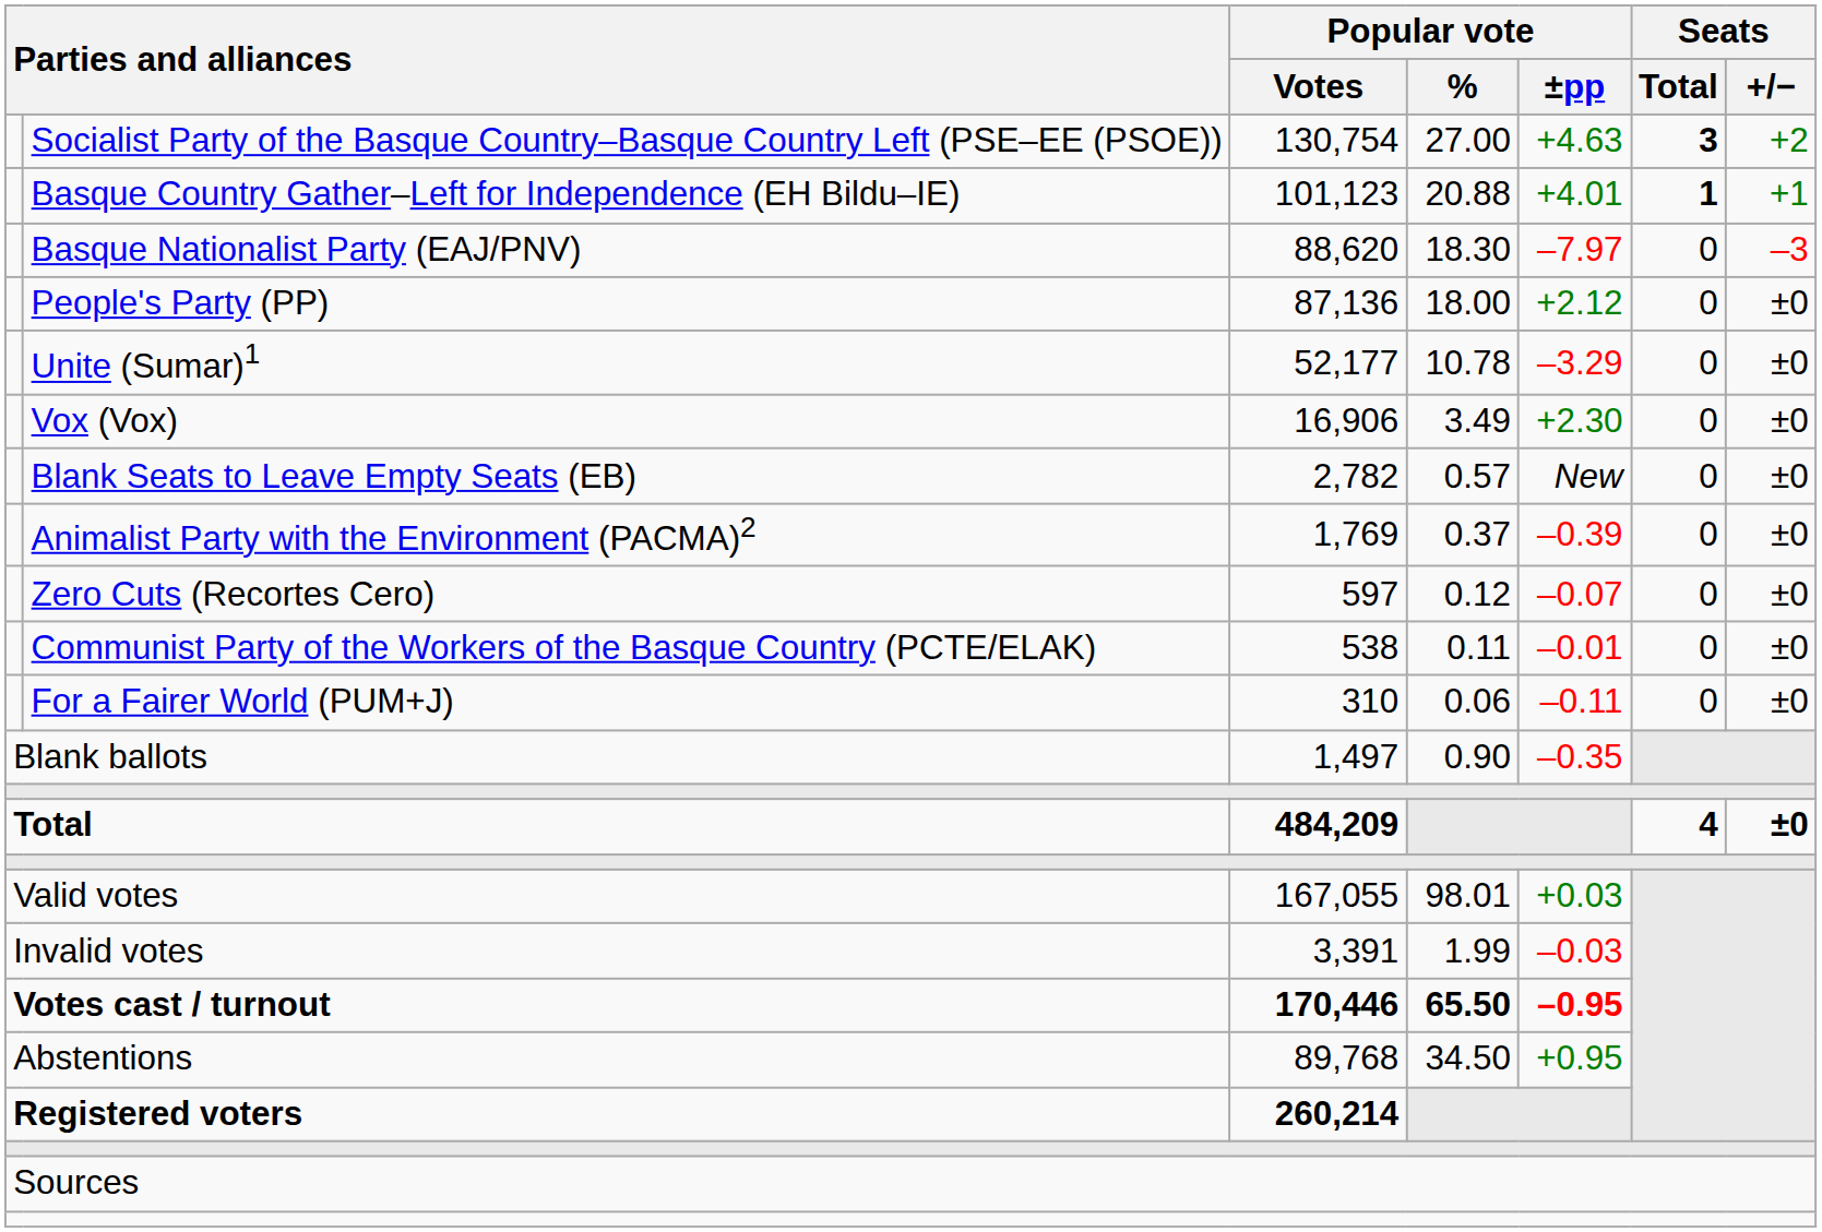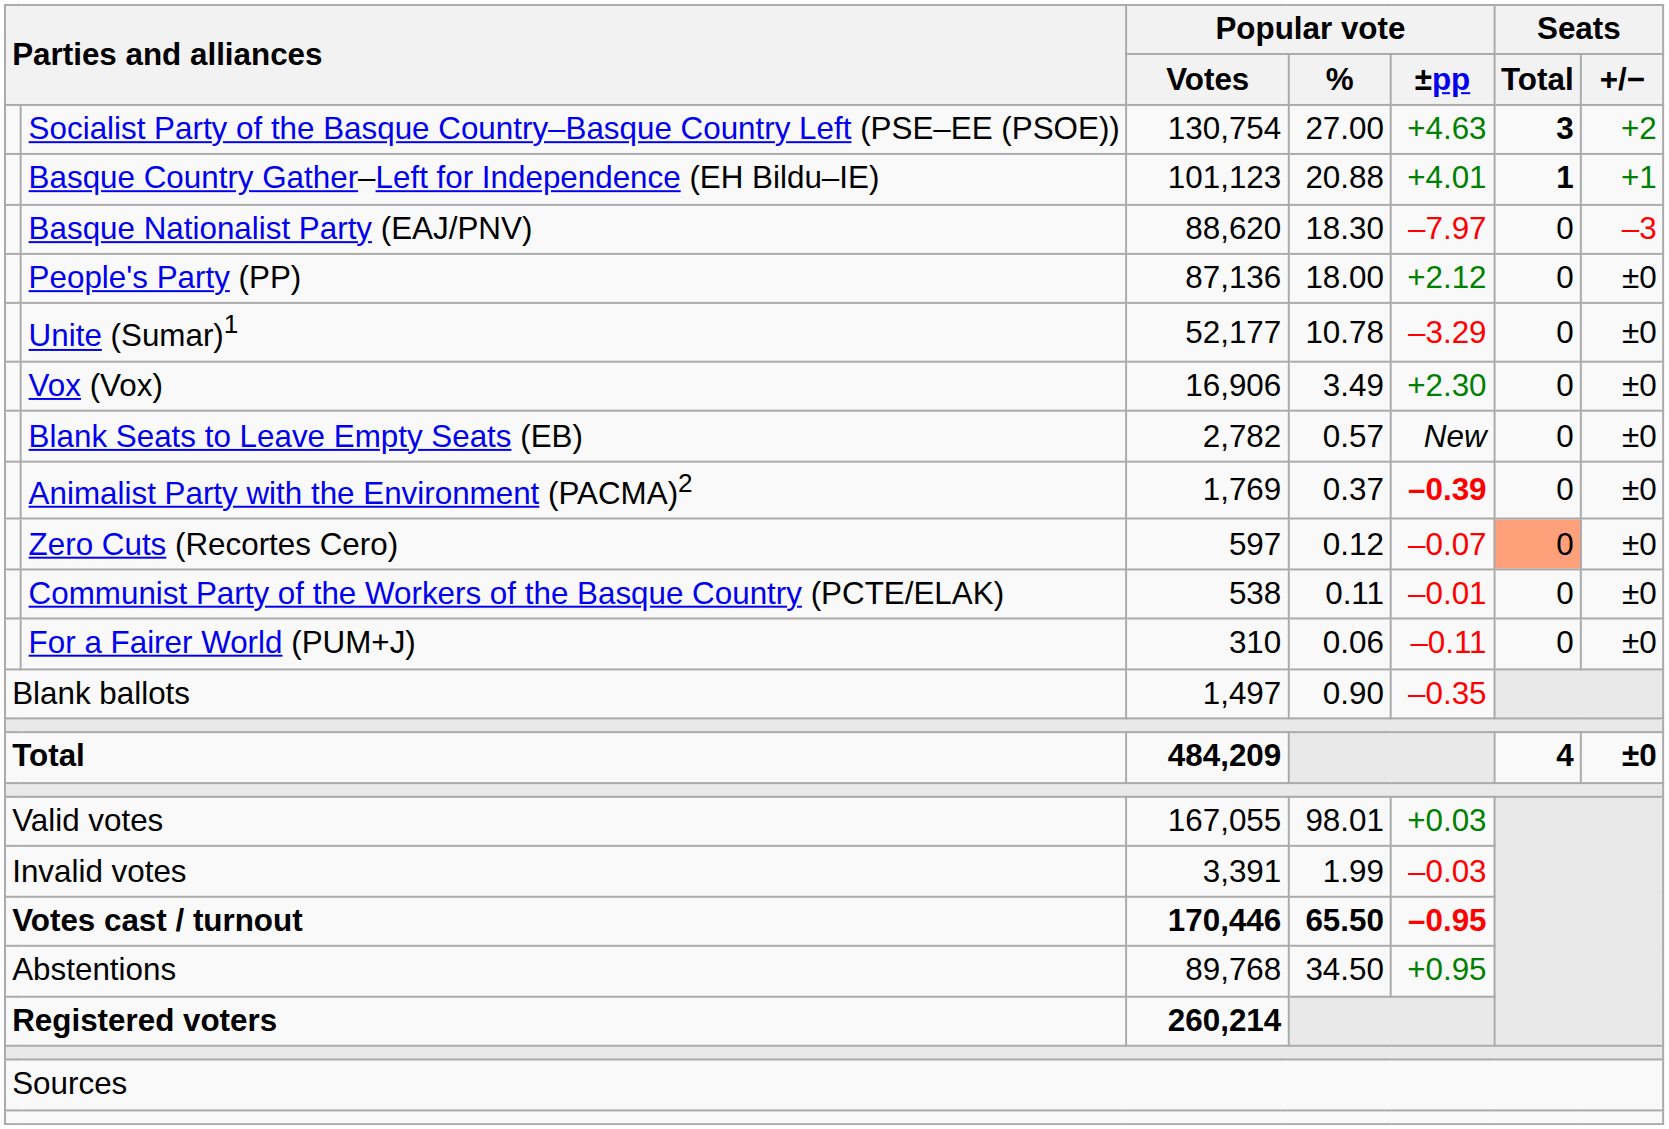 <table class="wikitable" style="text-align:right;">
 <tr>
 <th style="text-align:left;" rowspan="2" colspan="2" width="525">Parties and alliances</th>
 <th colspan="3">Popular vote</th>
 <th colspan="2">Seats</th>
 </tr>
 <tr>
 <th width="75">Votes</th>
 <th width="45">%</th>
 <th width="45">±<a href='#'>pp</a></th>
 <th width="35">Total</th>
 <th width="35">+/−</th>
 </tr>
 <tr>
 <td width="1" style="color:inherit;background:"></td>
 <td align="left"><a href='#'>Socialist Party of the Basque Country–Basque Country Left</a> (PSE–EE (PSOE))</td>
 <td>130,754</td>
 <td>27.00</td>
 <td style="color:green;">+4.63</td>
 <td><strong>3</strong></td>
 <td style="color:green;">+2</td>
 </tr>
 <tr>
 <td style="color:inherit;background:"></td>
 <td align="left"><a href='#'>Basque Country Gather</a>–<a href='#'>Left for Independence</a> (EH Bildu–IE)</td>
 <td>101,123</td>
 <td>20.88</td>
 <td style="color:green;">+4.01</td>
 <td><strong>1</strong></td>
 <td style="color:green;">+1</td>
 </tr>
 <tr>
 <td style="color:inherit;background:"></td>
 <td align="left"><a href='#'>Basque Nationalist Party</a> (EAJ/PNV)</td>
 <td>88,620</td>
 <td>18.30</td>
 <td style="color:red;">–7.97</td>
 <td>0</td>
 <td style="color:red;">–3</td>
 </tr>
 <tr>
 <td style="color:inherit;background:"></td>
 <td align="left"><a href='#'>People's Party</a> (PP)</td>
 <td>87,136</td>
 <td>18.00</td>
 <td style="color:green;">+2.12</td>
 <td>0</td>
 <td>±0</td>
 </tr>
 <tr>
 <td style="color:inherit;background:"></td>
 <td align="left"><a href='#'>Unite</a> (Sumar)<sup>1</sup></td>
 <td>52,177</td>
 <td>10.78</td>
 <td style="color:red;">–3.29</td>
 <td>0</td>
 <td>±0</td>
 </tr>
 <tr>
 <td style="color:inherit;background:"></td>
 <td align="left"><a href='#'>Vox</a> (Vox)</td>
 <td>16,906</td>
 <td>3.49</td>
 <td style="color:green;">+2.30</td>
 <td>0</td>
 <td>±0</td>
 </tr>
 <tr>
 <td style="color:inherit;background:"></td>
 <td align="left"><a href='#'>Blank Seats to Leave Empty Seats</a> (EB)</td>
 <td>2,782</td>
 <td>0.57</td>
 <td><em>New</em></td>
 <td>0</td>
 <td>±0</td>
 </tr>
 <tr>
 <td style="color:inherit;background:"></td>
 <td align="left"><a href='#'>Animalist Party with the Environment</a> (PACMA)<sup>2</sup></td>
 <td>1,769</td>
 <td>0.37</td>
-<td style="color:red;">–0.39</td>
+<td style="color:red;"><strong>–0.39</strong></td>
 <td>0</td>
 <td>±0</td>
 </tr>
 <tr>
 <td style="color:inherit;background:"></td>
 <td align="left"><a href='#'>Zero Cuts</a> (Recortes Cero)</td>
 <td>597</td>
 <td>0.12</td>
 <td style="color:red;">–0.07</td>
-<td>0</td>
+<td style="background: lightsalmon;">0</td>
 <td>±0</td>
 </tr>
 <tr>
 <td style="color:inherit;background:"></td>
 <td align="left"><a href='#'>Communist Party of the Workers of the Basque Country</a> (PCTE/ELAK)</td>
 <td>538</td>
 <td>0.11</td>
 <td style="color:red;">–0.01</td>
 <td>0</td>
 <td>±0</td>
 </tr>
 <tr>
 <td style="color:inherit;background:"></td>
 <td align="left"><a href='#'>For a Fairer World</a> (PUM+J)</td>
 <td>310</td>
 <td>0.06</td>
 <td style="color:red;">–0.11</td>
 <td>0</td>
 <td>±0</td>
 </tr>
 <tr>
 <td align="left" colspan="2">Blank ballots</td>
 <td>1,497</td>
 <td>0.90</td>
 <td style="color:red;">–0.35</td>
 <td bgcolor="#E9E9E9" colspan="2"></td>
 </tr>
 <tr>
 <td colspan="7" bgcolor="#E9E9E9"></td>
 </tr>
 <tr style="font-weight:bold;">
 <td align="left" colspan="2">Total</td>
 <td>484,209</td>
 <td bgcolor="#E9E9E9" colspan="2"></td>
 <td>4</td>
 <td>±0</td>
 </tr>
 <tr>
 <td colspan="7" bgcolor="#E9E9E9"></td>
 </tr>
 <tr>
 <td align="left" colspan="2">Valid votes</td>
 <td>167,055</td>
 <td>98.01</td>
 <td style="color:green;">+0.03</td>
 <td bgcolor="#E9E9E9" colspan="2" rowspan="5"></td>
 </tr>
 <tr>
 <td align="left" colspan="2">Invalid votes</td>
 <td>3,391</td>
 <td>1.99</td>
 <td style="color:red;">–0.03</td>
 </tr>
 <tr style="font-weight:bold;">
 <td align="left" colspan="2">Votes cast / turnout</td>
 <td>170,446</td>
 <td>65.50</td>
 <td style="color:red;">–0.95</td>
 </tr>
 <tr>
 <td align="left" colspan="2">Abstentions</td>
 <td>89,768</td>
 <td>34.50</td>
 <td style="color:green;">+0.95</td>
 </tr>
 <tr style="font-weight:bold;">
 <td align="left" colspan="2">Registered voters</td>
 <td>260,214</td>
 <td bgcolor="#E9E9E9" colspan="2"></td>
 </tr>
 <tr>
 <td colspan="7" bgcolor="#E9E9E9"></td>
 </tr>
 <tr>
 <td align="left" colspan="7">Sources</td>
 </tr>
 <tr>
 <td colspan="7" style="text-align:left; max-width:790px;"></td>
 </tr>
 </table>
